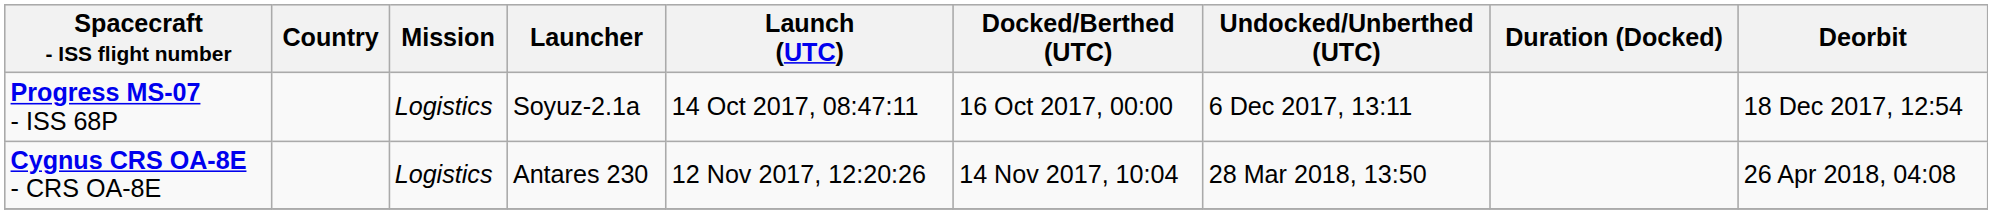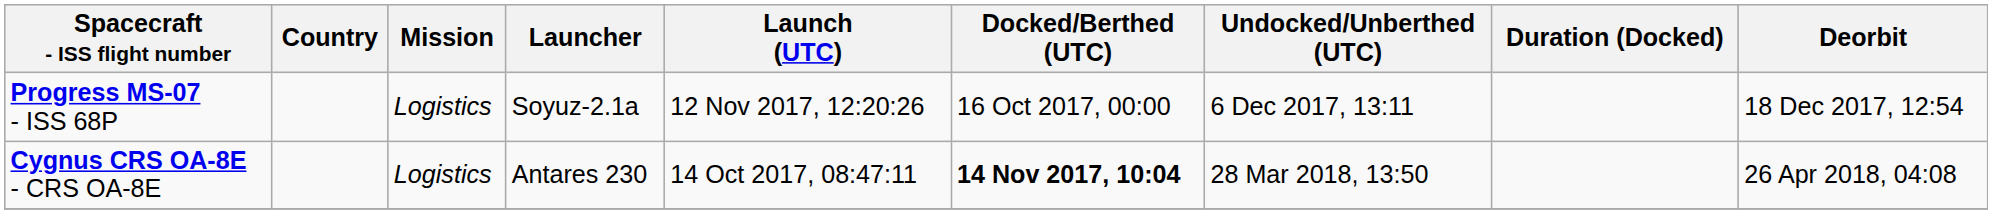 <table class="wikitable" width="100%">
 <tr>
 <th style="text-align: center;"><strong>Spacecraft</strong><br><small>- ISS flight number</small></th>
 <th style="text-align: center;"><strong>Country</strong></th>
 <th style="text-align: center;"><strong>Mission</strong></th>
 <th style="text-align: center;"><strong>Launcher</strong></th>
 <th style="text-align: center;"><strong>Launch<br>(<a href='#'>UTC</a>)</strong></th>
 <th style="text-align: center;"><strong>Docked/Berthed<br>(UTC) </strong></th>
 <th style="text-align: center;"><strong>Undocked/Unberthed<br>(UTC)</strong></th>
 <th style="text-align: center;"><strong>Duration (Docked)</strong></th>
 <th style="text-align: center;"><strong>Deorbit</strong></th>
 </tr>
 <tr>
 <td><strong><a href='#'>Progress MS-07</a></strong><br> - ISS 68P</td>
 <td></td>
 <td><em>Logistics</em></td>
 <td>Soyuz-2.1a</td>
-<td>14 Oct 2017, 08:47:11</td>
+<td>12 Nov 2017, 12:20:26</td>
 <td>16 Oct 2017, 00:00</td>
 <td>6 Dec 2017, 13:11 </td>
 <td></td>
 <td>18 Dec 2017, 12:54</td>
 </tr>
 <tr>
 <td><strong><a href='#'>Cygnus CRS OA-8E</a></strong><br> - CRS OA-8E</td>
 <td></td>
 <td><em>Logistics</em></td>
 <td>Antares 230</td>
-<td>12 Nov 2017, 12:20:26</td>
-<td>14 Nov 2017, 10:04</td>
+<td>14 Oct 2017, 08:47:11</td>
+<td><strong>14 Nov 2017, 10:04</strong></td>
 <td>28 Mar 2018, 13:50</td>
 <td></td>
 <td>26 Apr 2018, 04:08</td>
 </tr>
 <tr>
 </tr>
 </table>
